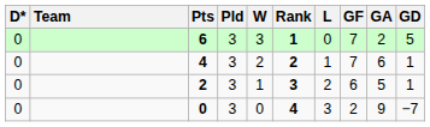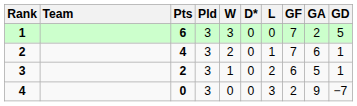 <table class="wikitable" style="text-align: center;">
 <tr>
-<th width=20>D*</th>
+<th width=30>Rank</th>
 <th width=165 style="text-align:left;">Team</th>
 <th width=20>Pts</th>
 <th width=20>Pld</th>
 <th width=20>W</th>
-<th width=30>Rank</th>
+<th width=20>D*</th>
 <th width=20>L</th>
 <th width=20>GF</th>
 <th width=20>GA</th>
 <th width=20>GD</th>
 </tr>
 <tr style="background:#ccffcc;">
-<td>0</td>
+<td><strong>1</strong></td>
 <td style="text-align:left;"></td>
 <td><strong>6</strong></td>
 <td>3</td>
 <td>3</td>
-<td><strong>1</strong></td>
+<td>0</td>
 <td>0</td>
 <td>7</td>
 <td>2</td>
 <td>5</td>
 </tr>
 <tr>
-<td>0</td>
+<td><strong>2</strong></td>
 <td style="text-align:left;"></td>
 <td><strong>4</strong></td>
 <td>3</td>
 <td>2</td>
-<td><strong>2</strong></td>
+<td>0</td>
 <td>1</td>
 <td>7</td>
 <td>6</td>
 <td>1</td>
 </tr>
 <tr>
-<td>0</td>
+<td><strong>3</strong></td>
 <td style="text-align:left;"></td>
 <td><strong>2</strong></td>
 <td>3</td>
 <td>1</td>
-<td><strong>3</strong></td>
+<td>0</td>
 <td>2</td>
 <td>6</td>
 <td>5</td>
 <td>1</td>
 </tr>
 <tr>
-<td>0</td>
+<td><strong>4</strong></td>
 <td style="text-align:left;"></td>
 <td><strong>0</strong></td>
 <td>3</td>
 <td>0</td>
-<td><strong>4</strong></td>
+<td>0</td>
 <td>3</td>
 <td>2</td>
 <td>9</td>
 <td>−7</td>
 </tr>
 </table>
